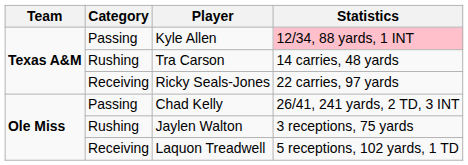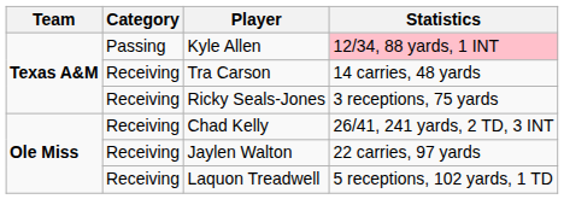 <table class="wikitable" style="float: right;">
 <tr>
 <th>Team</th>
 <th>Category</th>
 <th>Player</th>
 <th>Statistics</th>
 </tr>
 <tr>
 <td rowspan=3><strong>Texas A&M</strong></td>
 <td>Passing</td>
 <td>Kyle Allen</td>
 <td style="background: pink;">12/34, 88 yards, 1 INT</td>
 </tr>
 <tr>
-<td>Rushing</td>
+<td>Receiving</td>
 <td>Tra Carson</td>
 <td>14 carries, 48 yards</td>
 </tr>
 <tr>
 <td>Receiving</td>
 <td>Ricky Seals-Jones</td>
-<td>22 carries, 97 yards</td>
+<td>3 receptions, 75 yards</td>
 </tr>
 <tr>
 <td rowspan=3><strong>Ole Miss</strong></td>
-<td>Passing</td>
+<td>Receiving</td>
 <td>Chad Kelly</td>
 <td>26/41, 241 yards, 2 TD, 3 INT</td>
 </tr>
 <tr>
-<td>Rushing</td>
+<td>Receiving</td>
 <td>Jaylen Walton</td>
-<td>3 receptions, 75 yards</td>
+<td>22 carries, 97 yards</td>
 </tr>
 <tr>
 <td>Receiving</td>
 <td>Laquon Treadwell</td>
 <td>5 receptions, 102 yards, 1 TD</td>
 </tr>
 </table>
